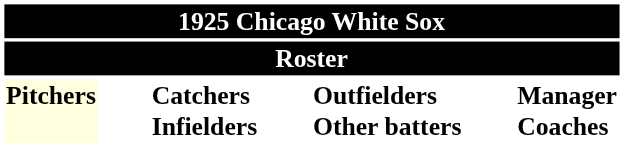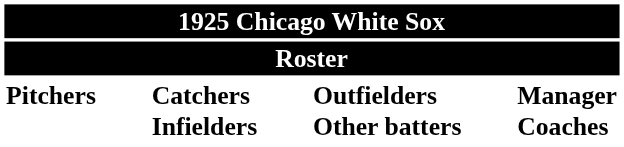 <table class="toccolours" style="font-size: 95%;">
 <tr>
 <th colspan="10" style="background-color: black; color: white; text-align: center;">1925 Chicago White Sox</th>
 </tr>
 <tr>
 <td colspan="10" style="background-color: black; color: white; text-align: center;"><strong>Roster</strong></td>
 </tr>
 <tr>
-<td valign="top" style="background: lightyellow;"><strong>Pitchers</strong><br>              </td>
+<td valign="top"><strong>Pitchers</strong><br>              </td>
 <td width="25px"></td>
 <td valign="top"><strong>Catchers</strong><br>     <strong>Infielders</strong>      </td>
 <td width="25px"></td>
 <td valign="top"><strong>Outfielders</strong><br>       <strong>Other batters</strong> </td>
 <td width="25px"></td>
 <td valign="top"><strong>Manager</strong><br> <strong>Coaches</strong> </td>
 </tr>
 </table>
